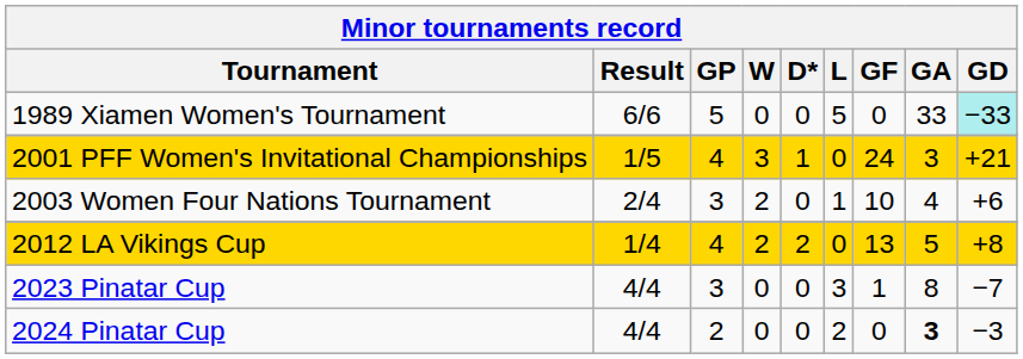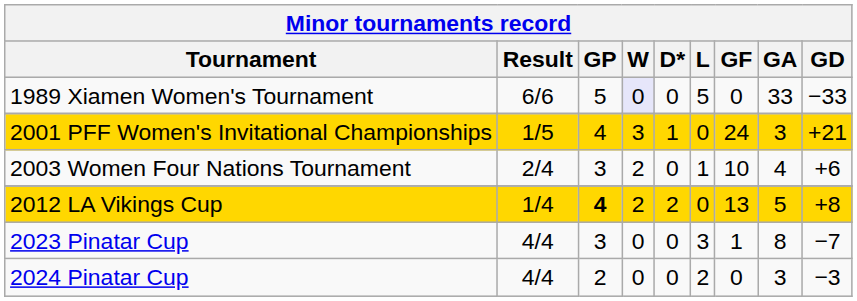 <table class="wikitable" style="text-align: center; font-size:95%;">
 <tr>
 <th colspan="10"><a href='#'>Minor tournaments record</a></th>
 </tr>
 <tr>
 <th>Tournament</th>
 <th>Result</th>
 <th>GP</th>
 <th>W</th>
 <th>D*</th>
 <th>L</th>
 <th>GF</th>
 <th>GA</th>
 <th>GD</th>
 </tr>
 <tr>
 <td align=left> 1989 Xiamen Women's Tournament</td>
 <td>6/6</td>
 <td>5</td>
-<td>0</td>
+<td style="background: lavender;">0</td>
 <td>0</td>
 <td>5</td>
 <td>0</td>
 <td>33</td>
-<td style="background: paleturquoise;">−33</td>
+<td>−33</td>
 </tr>
 <tr>
 </tr>
 <tr bgcolor=gold>
 <td align=left> 2001 PFF Women's Invitational Championships</td>
 <td>1/5</td>
 <td>4</td>
 <td>3</td>
 <td>1</td>
 <td>0</td>
 <td>24</td>
 <td>3</td>
 <td>+21</td>
 </tr>
 <tr>
 <td align=left> 2003 Women Four Nations Tournament</td>
 <td>2/4</td>
 <td>3</td>
 <td>2</td>
 <td>0</td>
 <td>1</td>
 <td>10</td>
 <td>4</td>
 <td>+6</td>
 </tr>
 <tr>
 </tr>
 <tr bgcolor=gold>
 <td align=left> 2012 LA Vikings Cup</td>
 <td>1/4</td>
-<td>4</td>
+<td><strong>4</strong></td>
 <td>2</td>
 <td>2</td>
 <td>0</td>
 <td>13</td>
 <td>5</td>
 <td>+8</td>
 </tr>
 <tr>
 <td align=left> <a href='#'>2023 Pinatar Cup</a></td>
 <td>4/4</td>
 <td>3</td>
 <td>0</td>
 <td>0</td>
 <td>3</td>
 <td>1</td>
 <td>8</td>
 <td>−7</td>
 </tr>
 <tr>
 <td align=left> <a href='#'>2024 Pinatar Cup</a></td>
 <td>4/4</td>
 <td>2</td>
 <td>0</td>
 <td>0</td>
 <td>2</td>
 <td>0</td>
-<td><strong>3</strong></td>
+<td>3</td>
 <td>−3</td>
 </tr>
 </table>
